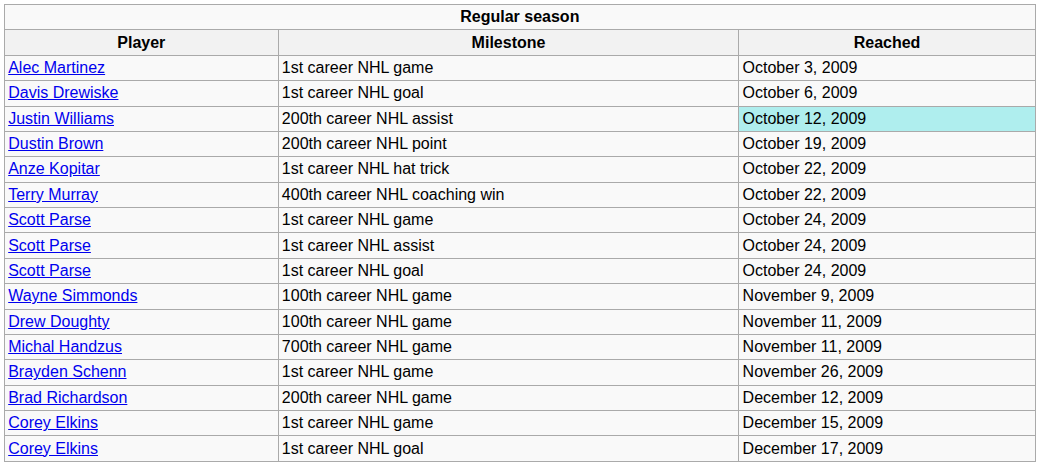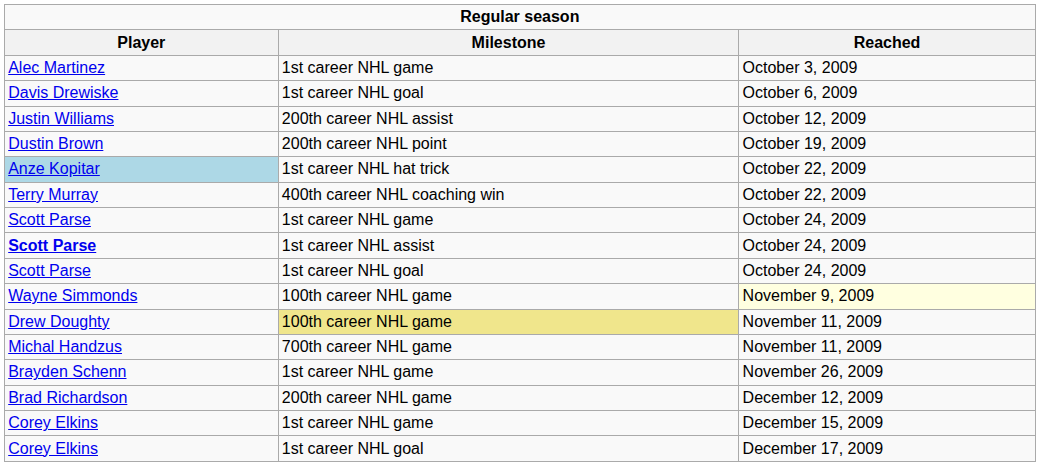 <table class="wikitable" width="52%">
 <tr>
 <td colspan="10" align="center"><strong>Regular season</strong></td>
 </tr>
 <tr>
 <th>Player</th>
 <th>Milestone</th>
 <th>Reached</th>
 </tr>
 <tr>
 <td><a href='#'>Alec Martinez</a></td>
 <td>1st career NHL game</td>
 <td>October 3, 2009</td>
 </tr>
 <tr>
 <td><a href='#'>Davis Drewiske</a></td>
 <td>1st career NHL goal</td>
 <td>October 6, 2009</td>
 </tr>
 <tr>
 <td><a href='#'>Justin Williams</a></td>
 <td>200th career NHL assist</td>
-<td style="background: paleturquoise;">October 12, 2009</td>
+<td>October 12, 2009</td>
 </tr>
 <tr>
 <td><a href='#'>Dustin Brown</a></td>
 <td>200th career NHL point</td>
 <td>October 19, 2009</td>
 </tr>
 <tr>
-<td><a href='#'>Anze Kopitar</a></td>
+<td style="background: lightblue;"><a href='#'>Anze Kopitar</a></td>
 <td>1st career NHL hat trick</td>
 <td>October 22, 2009</td>
 </tr>
 <tr>
 <td><a href='#'>Terry Murray</a></td>
 <td>400th career NHL coaching win</td>
 <td>October 22, 2009</td>
 </tr>
 <tr>
 <td><a href='#'>Scott Parse</a></td>
 <td>1st career NHL game</td>
 <td>October 24, 2009</td>
 </tr>
 <tr>
-<td><a href='#'>Scott Parse</a></td>
+<td><strong><a href='#'>Scott Parse</a></strong></td>
 <td>1st career NHL assist</td>
 <td>October 24, 2009</td>
 </tr>
 <tr>
 <td><a href='#'>Scott Parse</a></td>
 <td>1st career NHL goal</td>
 <td>October 24, 2009</td>
 </tr>
 <tr>
 <td><a href='#'>Wayne Simmonds</a></td>
 <td>100th career NHL game</td>
-<td>November 9, 2009</td>
+<td style="background: lightyellow;">November 9, 2009</td>
 </tr>
 <tr>
 <td><a href='#'>Drew Doughty</a></td>
-<td>100th career NHL game</td>
+<td style="background: khaki;">100th career NHL game</td>
 <td>November 11, 2009</td>
 </tr>
 <tr>
 <td><a href='#'>Michal Handzus</a></td>
 <td>700th career NHL game</td>
 <td>November 11, 2009</td>
 </tr>
 <tr>
 <td><a href='#'>Brayden Schenn</a></td>
 <td>1st career NHL game</td>
 <td>November 26, 2009</td>
 </tr>
 <tr>
 <td><a href='#'>Brad Richardson</a></td>
 <td>200th career NHL game</td>
 <td>December 12, 2009</td>
 </tr>
 <tr>
 <td><a href='#'>Corey Elkins</a></td>
 <td>1st career NHL game</td>
 <td>December 15, 2009</td>
 </tr>
 <tr>
 <td><a href='#'>Corey Elkins</a></td>
 <td>1st career NHL goal</td>
 <td>December 17, 2009</td>
 </tr>
 </table>
